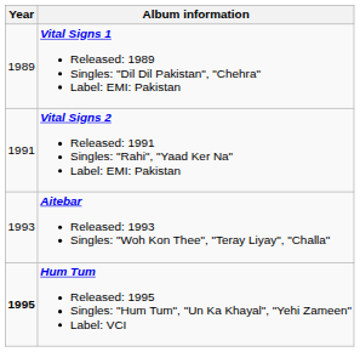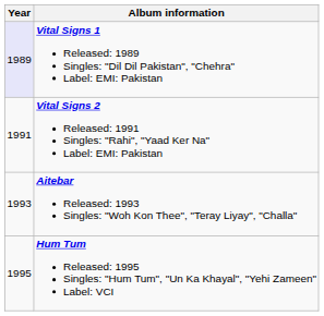 <table class="wikitable">
 <tr>
 <th>Year</th>
 <th>Album information</th>
 </tr>
 <tr>
-<td>1989</td>
+<td style="background: lavender;">1989</td>
 <td><strong><em><a href='#'>Vital Signs 1</a></em></strong><br><ul><li>Released: 1989</li><li>Singles: "Dil Dil Pakistan", "Chehra"</li><li>Label: EMI: Pakistan</li></ul></td>
 </tr>
 <tr>
 <td>1991</td>
 <td><strong><em><a href='#'>Vital Signs 2</a></em></strong><br><ul><li>Released: 1991</li><li>Singles: "Rahi", "Yaad Ker Na"</li><li>Label: EMI: Pakistan</li></ul></td>
 </tr>
 <tr>
 <td>1993</td>
 <td><strong><em><a href='#'>Aitebar</a></em></strong><br><ul><li>Released: 1993</li><li>Singles: "Woh Kon Thee", "Teray Liyay", "Challa"</li></ul></td>
 </tr>
 <tr>
-<td><strong>1995</strong></td>
+<td>1995</td>
 <td><strong><em><a href='#'>Hum Tum</a></em></strong><br><ul><li>Released: 1995</li><li>Singles: "Hum Tum", "Un Ka Khayal", "Yehi Zameen"</li><li>Label: VCI</li></ul></td>
 </tr>
 </table>
